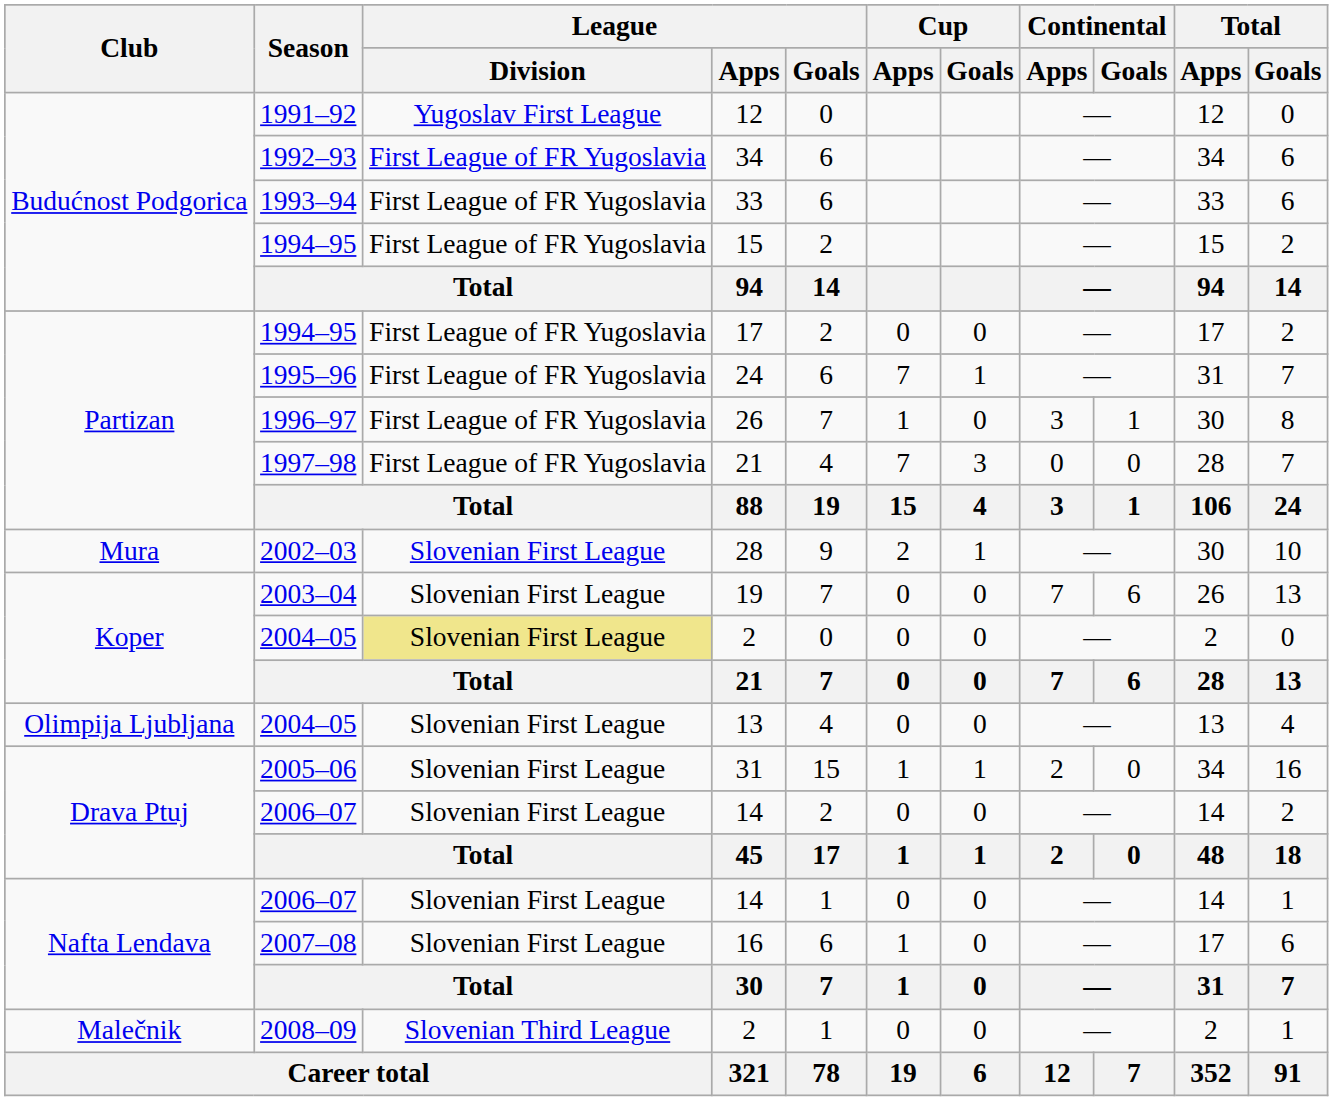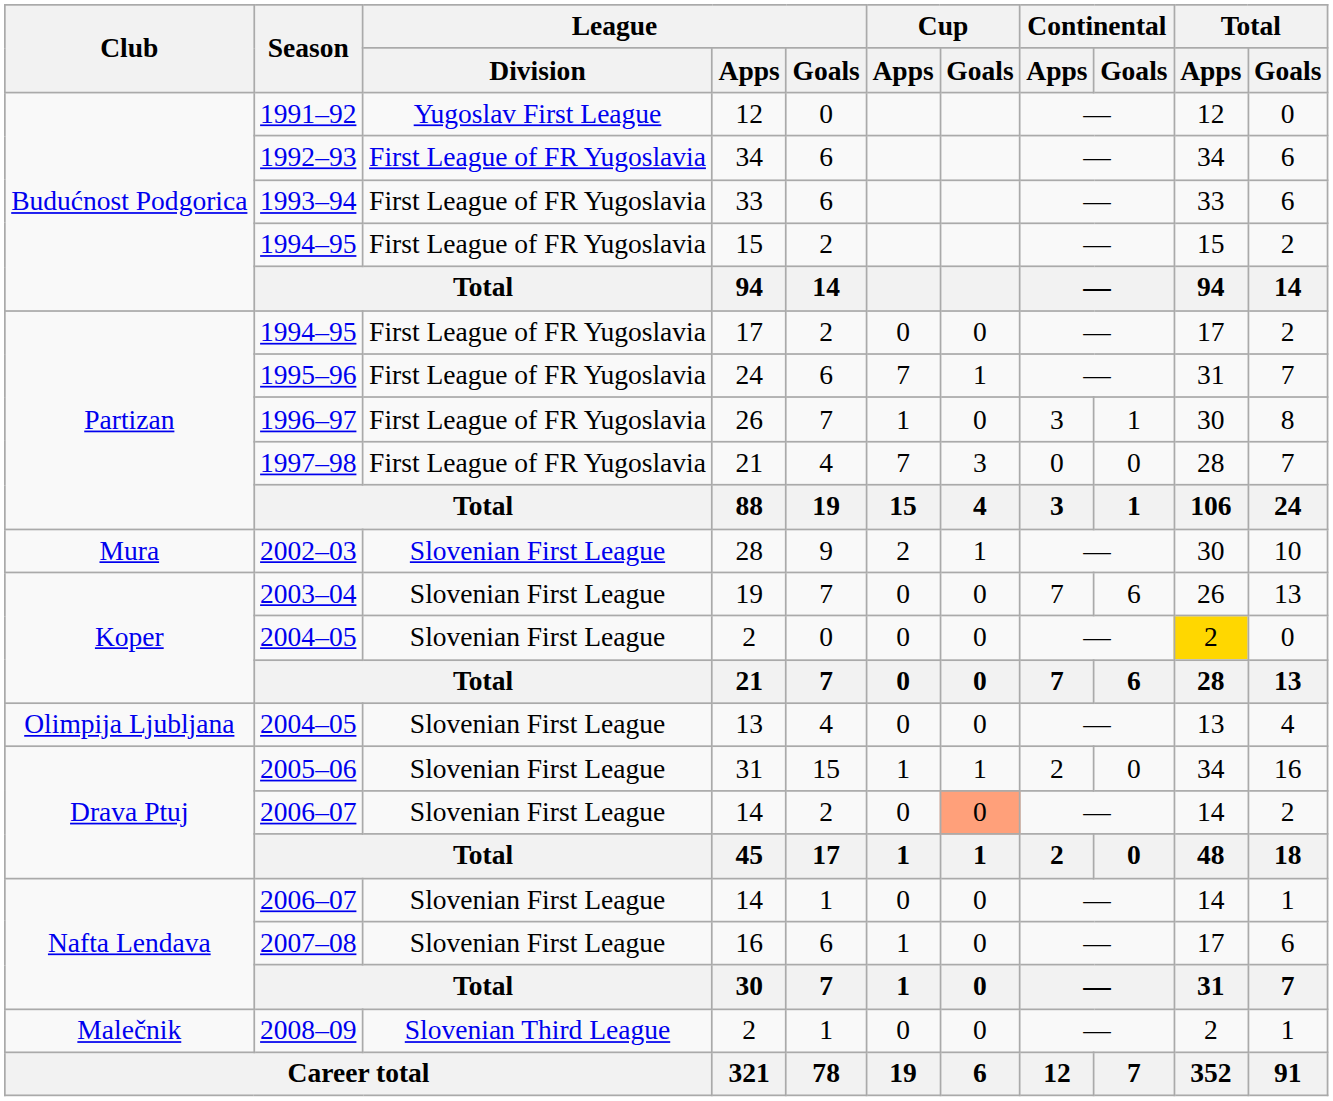 <table class="wikitable" style="text-align:center">
 <tr>
 <th rowspan="2">Club</th>
 <th rowspan="2">Season</th>
 <th colspan="3">League</th>
 <th colspan="2">Cup</th>
 <th colspan="2">Continental</th>
 <th colspan="2">Total</th>
 </tr>
 <tr>
 <th>Division</th>
 <th>Apps</th>
 <th>Goals</th>
 <th>Apps</th>
 <th>Goals</th>
 <th>Apps</th>
 <th>Goals</th>
 <th>Apps</th>
 <th>Goals</th>
 </tr>
 <tr>
 <td rowspan="5"><a href='#'>Budućnost Podgorica</a></td>
 <td><a href='#'>1991–92</a></td>
 <td><a href='#'>Yugoslav First League</a></td>
 <td>12</td>
 <td>0</td>
 <td></td>
 <td></td>
 <td colspan="2">—</td>
 <td>12</td>
 <td>0</td>
 </tr>
 <tr>
 <td><a href='#'>1992–93</a></td>
 <td><a href='#'>First League of FR Yugoslavia</a></td>
 <td>34</td>
 <td>6</td>
 <td></td>
 <td></td>
 <td colspan="2">—</td>
 <td>34</td>
 <td>6</td>
 </tr>
 <tr>
 <td><a href='#'>1993–94</a></td>
 <td>First League of FR Yugoslavia</td>
 <td>33</td>
 <td>6</td>
 <td></td>
 <td></td>
 <td colspan="2">—</td>
 <td>33</td>
 <td>6</td>
 </tr>
 <tr>
 <td><a href='#'>1994–95</a></td>
 <td>First League of FR Yugoslavia</td>
 <td>15</td>
 <td>2</td>
 <td></td>
 <td></td>
 <td colspan="2">—</td>
 <td>15</td>
 <td>2</td>
 </tr>
 <tr>
 <th colspan="2">Total</th>
 <th>94</th>
 <th>14</th>
 <th></th>
 <th></th>
 <th colspan="2">—</th>
 <th>94</th>
 <th>14</th>
 </tr>
 <tr>
 <td rowspan="5"><a href='#'>Partizan</a></td>
 <td><a href='#'>1994–95</a></td>
 <td>First League of FR Yugoslavia</td>
 <td>17</td>
 <td>2</td>
 <td>0</td>
 <td>0</td>
 <td colspan="2">—</td>
 <td>17</td>
 <td>2</td>
 </tr>
 <tr>
 <td><a href='#'>1995–96</a></td>
 <td>First League of FR Yugoslavia</td>
 <td>24</td>
 <td>6</td>
 <td>7</td>
 <td>1</td>
 <td colspan="2">—</td>
 <td>31</td>
 <td>7</td>
 </tr>
 <tr>
 <td><a href='#'>1996–97</a></td>
 <td>First League of FR Yugoslavia</td>
 <td>26</td>
 <td>7</td>
 <td>1</td>
 <td>0</td>
 <td>3</td>
 <td>1</td>
 <td>30</td>
 <td>8</td>
 </tr>
 <tr>
 <td><a href='#'>1997–98</a></td>
 <td>First League of FR Yugoslavia</td>
 <td>21</td>
 <td>4</td>
 <td>7</td>
 <td>3</td>
 <td>0</td>
 <td>0</td>
 <td>28</td>
 <td>7</td>
 </tr>
 <tr>
 <th colspan="2">Total</th>
 <th>88</th>
 <th>19</th>
 <th>15</th>
 <th>4</th>
 <th>3</th>
 <th>1</th>
 <th>106</th>
 <th>24</th>
 </tr>
 <tr>
 <td><a href='#'>Mura</a></td>
 <td><a href='#'>2002–03</a></td>
 <td><a href='#'>Slovenian First League</a></td>
 <td>28</td>
 <td>9</td>
 <td>2</td>
 <td>1</td>
 <td colspan="2">—</td>
 <td>30</td>
 <td>10</td>
 </tr>
 <tr>
 <td rowspan="3"><a href='#'>Koper</a></td>
 <td><a href='#'>2003–04</a></td>
 <td>Slovenian First League</td>
 <td>19</td>
 <td>7</td>
 <td>0</td>
 <td>0</td>
 <td>7</td>
 <td>6</td>
 <td>26</td>
 <td>13</td>
 </tr>
 <tr>
 <td><a href='#'>2004–05</a></td>
-<td style="background: khaki;">Slovenian First League</td>
+<td>Slovenian First League</td>
 <td>2</td>
 <td>0</td>
 <td>0</td>
 <td>0</td>
 <td colspan="2">—</td>
-<td>2</td>
+<td style="background: gold;">2</td>
 <td>0</td>
 </tr>
 <tr>
 <th colspan="2">Total</th>
 <th>21</th>
 <th>7</th>
 <th>0</th>
 <th>0</th>
 <th>7</th>
 <th>6</th>
 <th>28</th>
 <th>13</th>
 </tr>
 <tr>
 <td><a href='#'>Olimpija Ljubljana</a></td>
 <td><a href='#'>2004–05</a></td>
 <td>Slovenian First League</td>
 <td>13</td>
 <td>4</td>
 <td>0</td>
 <td>0</td>
 <td colspan="2">—</td>
 <td>13</td>
 <td>4</td>
 </tr>
 <tr>
 <td rowspan="3"><a href='#'>Drava Ptuj</a></td>
 <td><a href='#'>2005–06</a></td>
 <td>Slovenian First League</td>
 <td>31</td>
 <td>15</td>
 <td>1</td>
 <td>1</td>
 <td>2</td>
 <td>0</td>
 <td>34</td>
 <td>16</td>
 </tr>
 <tr>
 <td><a href='#'>2006–07</a></td>
 <td>Slovenian First League</td>
 <td>14</td>
 <td>2</td>
 <td>0</td>
-<td>0</td>
+<td style="background: lightsalmon;">0</td>
 <td colspan="2">—</td>
 <td>14</td>
 <td>2</td>
 </tr>
 <tr>
 <th colspan="2">Total</th>
 <th>45</th>
 <th>17</th>
 <th>1</th>
 <th>1</th>
 <th>2</th>
 <th>0</th>
 <th>48</th>
 <th>18</th>
 </tr>
 <tr>
 <td rowspan="3"><a href='#'>Nafta Lendava</a></td>
 <td><a href='#'>2006–07</a></td>
 <td>Slovenian First League</td>
 <td>14</td>
 <td>1</td>
 <td>0</td>
 <td>0</td>
 <td colspan="2">—</td>
 <td>14</td>
 <td>1</td>
 </tr>
 <tr>
 <td><a href='#'>2007–08</a></td>
 <td>Slovenian First League</td>
 <td>16</td>
 <td>6</td>
 <td>1</td>
 <td>0</td>
 <td colspan="2">—</td>
 <td>17</td>
 <td>6</td>
 </tr>
 <tr>
 <th colspan="2">Total</th>
 <th>30</th>
 <th>7</th>
 <th>1</th>
 <th>0</th>
 <th colspan="2">—</th>
 <th>31</th>
 <th>7</th>
 </tr>
 <tr>
 <td><a href='#'>Malečnik</a></td>
 <td><a href='#'>2008–09</a></td>
 <td><a href='#'>Slovenian Third League</a></td>
 <td>2</td>
 <td>1</td>
 <td>0</td>
 <td>0</td>
 <td colspan="2">—</td>
 <td>2</td>
 <td>1</td>
 </tr>
 <tr>
 <th colspan="3">Career total</th>
 <th>321</th>
 <th>78</th>
 <th>19</th>
 <th>6</th>
 <th>12</th>
 <th>7</th>
 <th>352</th>
 <th>91</th>
 </tr>
 </table>
